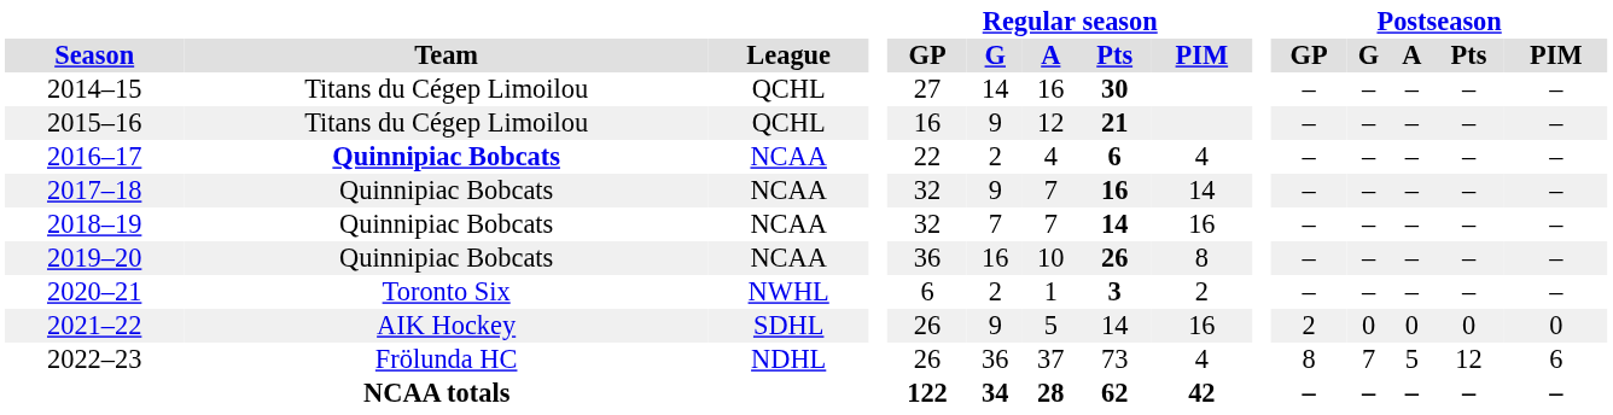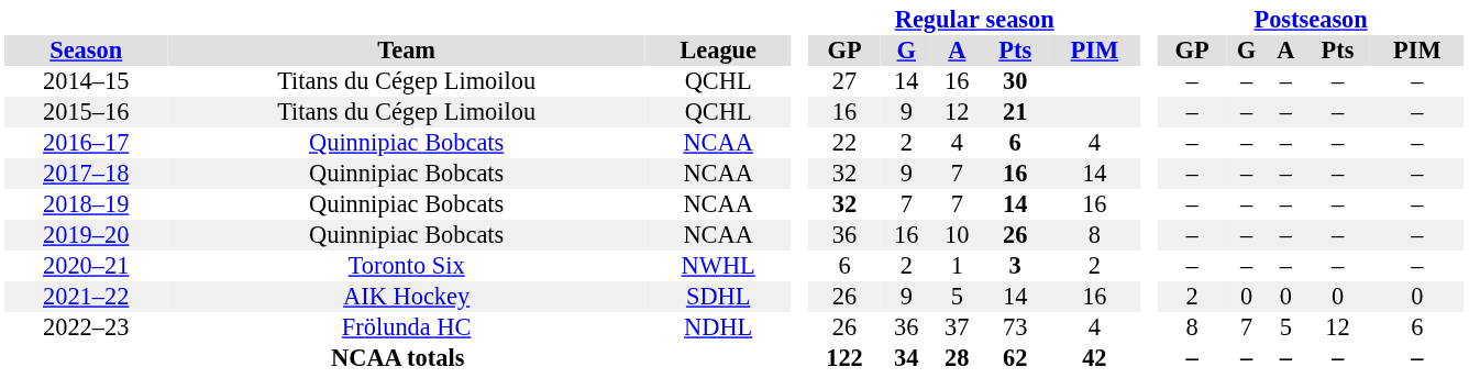 <table border="0" cellpadding="1" cellspacing="0" width="75%" style="text-align:center">
 <tr>
 <th colspan="3" bgcolor="#ffffff"> </th>
 <th rowspan="99" bgcolor="#ffffff"> </th>
 <th colspan="5"><a href='#'>Regular season</a></th>
 <th rowspan="99" bgcolor="#ffffff"> </th>
 <th colspan="5"><a href='#'>Postseason</a></th>
 </tr>
 <tr bgcolor="#e0e0e0">
 <th><a href='#'>Season</a></th>
 <th>Team</th>
 <th>League</th>
 <th>GP</th>
 <th><a href='#'>G</a></th>
 <th><a href='#'>A</a></th>
 <th><a href='#'>Pts</a></th>
 <th><a href='#'>PIM</a></th>
 <th>GP</th>
 <th>G</th>
 <th>A</th>
 <th>Pts</th>
 <th>PIM</th>
 </tr>
 <tr>
 <td>2014–15</td>
 <td>Titans du Cégep Limoilou</td>
 <td>QCHL</td>
 <td>27</td>
 <td>14</td>
 <td>16</td>
 <td><strong>30</strong></td>
 <td></td>
 <td>–</td>
 <td>–</td>
 <td>–</td>
 <td>–</td>
 <td>–</td>
 </tr>
 <tr bgcolor="#f0f0f0">
 <td>2015–16</td>
 <td>Titans du Cégep Limoilou</td>
 <td>QCHL</td>
 <td>16</td>
 <td>9</td>
 <td>12</td>
 <td><strong>21</strong></td>
 <td></td>
 <td>–</td>
 <td>–</td>
 <td>–</td>
 <td>–</td>
 <td>–</td>
 </tr>
 <tr>
 <td><a href='#'>2016–17</a></td>
-<td><strong><a href='#'>Quinnipiac Bobcats</a></strong></td>
+<td><a href='#'>Quinnipiac Bobcats</a></td>
 <td><a href='#'>NCAA</a></td>
 <td>22</td>
 <td>2</td>
 <td>4</td>
 <td><strong>6</strong></td>
 <td>4</td>
 <td>–</td>
 <td>–</td>
 <td>–</td>
 <td>–</td>
 <td>–</td>
 </tr>
 <tr bgcolor="#f0f0f0">
 <td><a href='#'>2017–18</a></td>
 <td>Quinnipiac Bobcats</td>
 <td>NCAA</td>
 <td>32</td>
 <td>9</td>
 <td>7</td>
 <td><strong>16</strong></td>
 <td>14</td>
 <td>–</td>
 <td>–</td>
 <td>–</td>
 <td>–</td>
 <td>–</td>
 </tr>
 <tr>
 <td><a href='#'>2018–19</a></td>
 <td>Quinnipiac Bobcats</td>
 <td>NCAA</td>
-<td>32</td>
+<td><strong>32</strong></td>
 <td>7</td>
 <td>7</td>
 <td><strong>14</strong></td>
 <td>16</td>
 <td>–</td>
 <td>–</td>
 <td>–</td>
 <td>–</td>
 <td>–</td>
 </tr>
 <tr bgcolor="#f0f0f0">
 <td><a href='#'>2019–20</a></td>
 <td>Quinnipiac Bobcats</td>
 <td>NCAA</td>
 <td>36</td>
 <td>16</td>
 <td>10</td>
 <td><strong>26</strong></td>
 <td>8</td>
 <td>–</td>
 <td>–</td>
 <td>–</td>
 <td>–</td>
 <td>–</td>
 </tr>
 <tr>
 <td><a href='#'>2020–21</a></td>
 <td><a href='#'>Toronto Six</a></td>
 <td><a href='#'>NWHL</a></td>
 <td>6</td>
 <td>2</td>
 <td>1</td>
 <td><strong>3</strong></td>
 <td>2</td>
 <td>–</td>
 <td>–</td>
 <td>–</td>
 <td>–</td>
 <td>–</td>
 </tr>
 <tr bgcolor="#f0f0f0">
 <td><a href='#'>2021–22</a></td>
 <td><a href='#'>AIK Hockey</a></td>
 <td><a href='#'>SDHL</a></td>
 <td>26</td>
 <td>9</td>
 <td>5</td>
 <td>14</td>
 <td>16</td>
 <td>2</td>
 <td>0</td>
 <td>0</td>
 <td>0</td>
 <td>0</td>
 </tr>
 <tr>
 <td>2022–23</td>
 <td><a href='#'>Frölunda HC</a></td>
 <td><a href='#'>NDHL</a></td>
 <td>26</td>
 <td>36</td>
 <td>37</td>
 <td>73</td>
 <td>4</td>
 <td>8</td>
 <td>7</td>
 <td>5</td>
 <td>12</td>
 <td>6</td>
 </tr>
 <tr>
 <th colspan="3">NCAA totals</th>
 <th>122</th>
 <th>34</th>
 <th>28</th>
 <th>62</th>
 <th>42</th>
 <th>–</th>
 <th>–</th>
 <th>–</th>
 <th>–</th>
 <th>–</th>
 </tr>
 </table>
